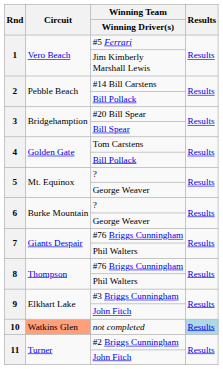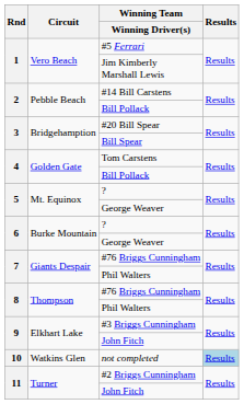 <table class="wikitable" style="font-size: 90%;">
 <tr>
 <th rowspan=2>Rnd</th>
 <th rowspan=2>Circuit</th>
 <th>Winning Team</th>
 <th rowspan=2>Results</th>
 </tr>
 <tr>
 <th>Winning Driver(s)</th>
 </tr>
 <tr>
 <th rowspan=2>1</th>
 <td rowspan=2><a href='#'>Vero Beach</a></td>
 <td>#5 <em><a href='#'>Ferrari</a></em></td>
 <td rowspan=2><a href='#'>Results</a></td>
 </tr>
 <tr>
 <td> Jim Kimberly<br> Marshall Lewis</td>
 </tr>
 <tr>
 <th rowspan=2>2</th>
 <td rowspan=2>Pebble Beach</td>
 <td>#14 Bill Carstens</td>
 <td rowspan=2><a href='#'>Results</a></td>
 </tr>
 <tr>
 <td> <a href='#'>Bill Pollack</a></td>
 </tr>
 <tr>
 <th rowspan=2>3</th>
 <td rowspan=2>Bridgehamption</td>
 <td>#20 Bill Spear</td>
 <td rowspan=2><a href='#'>Results</a></td>
 </tr>
 <tr>
 <td> <a href='#'>Bill Spear</a></td>
 </tr>
 <tr>
 <th rowspan=2>4</th>
 <td rowspan=2><a href='#'>Golden Gate</a></td>
 <td>Tom Carstens</td>
 <td rowspan=2><a href='#'>Results</a></td>
 </tr>
 <tr>
 <td> <a href='#'>Bill Pollack</a></td>
 </tr>
 <tr>
 <th rowspan=2>5</th>
 <td rowspan=2>Mt. Equinox</td>
 <td>?</td>
 <td rowspan=2><a href='#'>Results</a></td>
 </tr>
 <tr>
 <td> George Weaver</td>
 </tr>
 <tr>
 <th rowspan=2>6</th>
 <td rowspan=2>Burke Mountain</td>
 <td>?</td>
 <td rowspan=2><a href='#'>Results</a></td>
 </tr>
 <tr>
 <td> George Weaver</td>
 </tr>
 <tr>
 <th rowspan=2>7</th>
 <td rowspan=2><a href='#'>Giants Despair</a></td>
 <td>#76 <a href='#'>Briggs Cunningham</a></td>
 <td rowspan=2><a href='#'>Results</a></td>
 </tr>
 <tr>
 <td> Phil Walters</td>
 </tr>
 <tr>
 <th rowspan=2>8</th>
 <td rowspan=2><a href='#'>Thompson</a></td>
 <td>#76 <a href='#'>Briggs Cunningham</a></td>
 <td rowspan=2><a href='#'>Results</a></td>
 </tr>
 <tr>
 <td> Phil Walters</td>
 </tr>
 <tr>
 <th rowspan=2>9</th>
 <td rowspan=2>Elkhart Lake</td>
 <td>#3 <a href='#'>Briggs Cunningham</a></td>
 <td rowspan=2><a href='#'>Results</a></td>
 </tr>
 <tr>
 <td> <a href='#'>John Fitch</a></td>
 </tr>
 <tr>
 <th>10</th>
-<td style="background: lightsalmon;">Watkins Glen</td>
+<td>Watkins Glen</td>
 <td><em>not completed</em></td>
 <td style="background: lightblue;"><a href='#'>Results</a></td>
 </tr>
 <tr>
 <th rowspan=2>11</th>
 <td rowspan=2><a href='#'>Turner</a></td>
 <td>#2 <a href='#'>Briggs Cunningham</a></td>
 <td rowspan=2><a href='#'>Results</a></td>
 </tr>
 <tr>
 <td> <a href='#'>John Fitch</a></td>
 </tr>
 </table>
